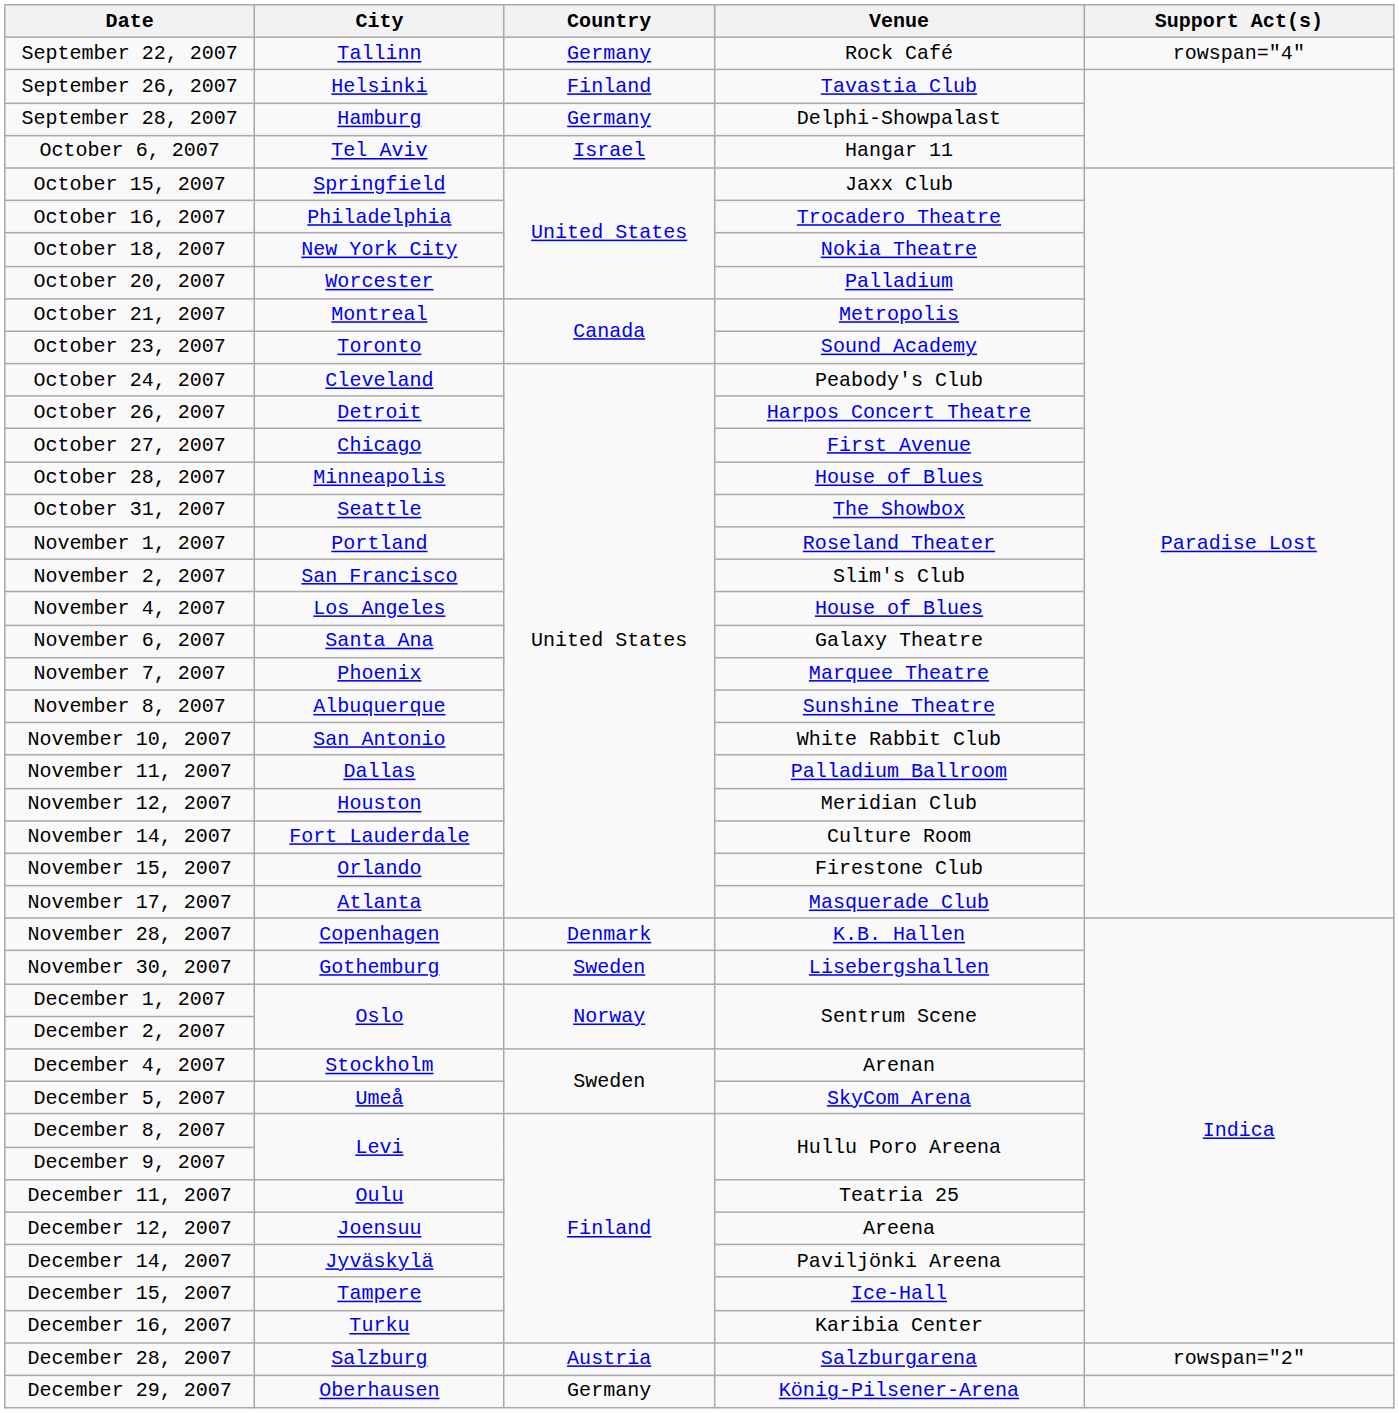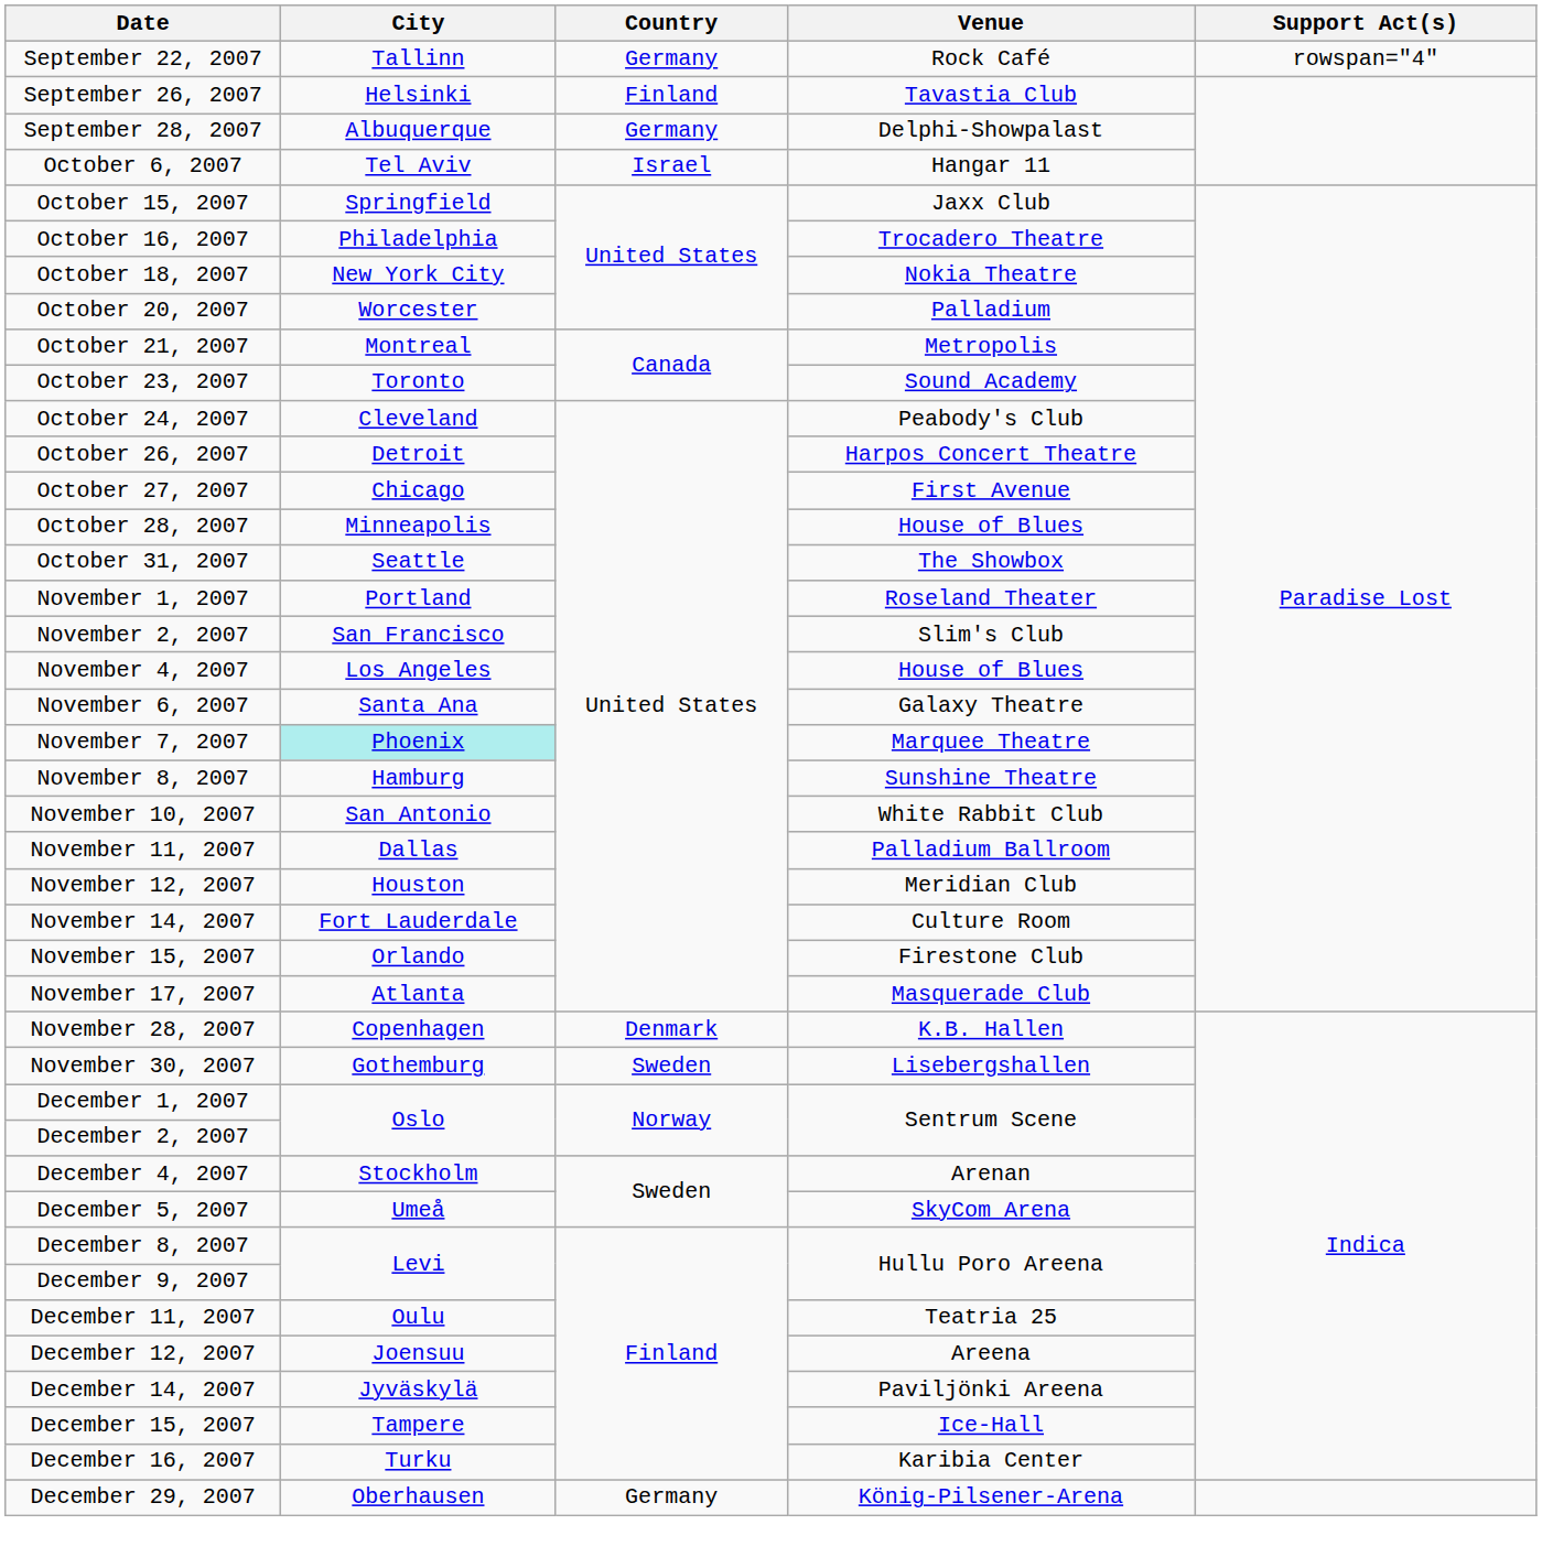 <table class="wikitable plainrowheaders" style="text-align:center;">
 <tr>
 <th scope="col" style="width:12em;">Date</th>
 <th scope="col" style="width:12em;">City</th>
 <th scope="col" style="width:10em;">Country</th>
 <th scope="col" style="width:18em;">Venue</th>
 <th scope="col" style="width:15em;">Support Act(s)</th>
 </tr>
 <tr>
 <td>September 22, 2007</td>
 <td><a href='#'>Tallinn</a></td>
 <td><a href='#'>Germany</a></td>
 <td>Rock Café</td>
 <td>rowspan="4" </td>
 </tr>
 <tr>
 <td>September 26, 2007</td>
 <td><a href='#'>Helsinki</a></td>
 <td><a href='#'>Finland</a></td>
 <td><a href='#'>Tavastia Club</a></td>
 </tr>
 <tr>
 <td>September 28, 2007</td>
-<td><a href='#'>Hamburg</a></td>
+<td><a href='#'>Albuquerque</a></td>
 <td><a href='#'>Germany</a></td>
 <td>Delphi-Showpalast</td>
 </tr>
 <tr>
 <td>October 6, 2007</td>
 <td><a href='#'>Tel Aviv</a></td>
 <td><a href='#'>Israel</a></td>
 <td>Hangar 11</td>
 </tr>
 <tr>
 <td>October 15, 2007</td>
 <td><a href='#'>Springfield</a></td>
 <td rowspan="4"><a href='#'>United States</a></td>
 <td>Jaxx Club</td>
 <td rowspan="23"><a href='#'>Paradise Lost</a></td>
 </tr>
 <tr>
 <td>October 16, 2007</td>
 <td><a href='#'>Philadelphia</a></td>
 <td><a href='#'>Trocadero Theatre</a></td>
 </tr>
 <tr>
 <td>October 18, 2007</td>
 <td><a href='#'>New York City</a></td>
 <td><a href='#'>Nokia Theatre</a></td>
 </tr>
 <tr>
 <td>October 20, 2007</td>
 <td><a href='#'>Worcester</a></td>
 <td><a href='#'>Palladium</a></td>
 </tr>
 <tr>
 <td>October 21, 2007</td>
 <td><a href='#'>Montreal</a></td>
 <td rowspan="2"><a href='#'>Canada</a></td>
 <td><a href='#'>Metropolis</a></td>
 </tr>
 <tr>
 <td>October 23, 2007</td>
 <td><a href='#'>Toronto</a></td>
 <td><a href='#'>Sound Academy</a></td>
 </tr>
 <tr>
 <td>October 24, 2007</td>
 <td><a href='#'>Cleveland</a></td>
 <td rowspan="17">United States</td>
 <td>Peabody's Club</td>
 </tr>
 <tr>
 <td>October 26, 2007</td>
 <td><a href='#'>Detroit</a></td>
 <td><a href='#'>Harpos Concert Theatre</a></td>
 </tr>
 <tr>
 <td>October 27, 2007</td>
 <td><a href='#'>Chicago</a></td>
 <td><a href='#'>First Avenue</a></td>
 </tr>
 <tr>
 <td>October 28, 2007</td>
 <td><a href='#'>Minneapolis</a></td>
 <td><a href='#'>House of Blues</a></td>
 </tr>
 <tr>
 <td>October 31, 2007</td>
 <td><a href='#'>Seattle</a></td>
 <td><a href='#'>The Showbox</a></td>
 </tr>
 <tr>
 <td>November 1, 2007</td>
 <td><a href='#'>Portland</a></td>
 <td><a href='#'>Roseland Theater</a></td>
 </tr>
 <tr>
 <td>November 2, 2007</td>
 <td><a href='#'>San Francisco</a></td>
 <td>Slim's Club</td>
 </tr>
 <tr>
 <td>November 4, 2007</td>
 <td><a href='#'>Los Angeles</a></td>
 <td><a href='#'>House of Blues</a></td>
 </tr>
 <tr>
 <td>November 6, 2007</td>
 <td><a href='#'>Santa Ana</a></td>
 <td>Galaxy Theatre</td>
 </tr>
 <tr>
 <td>November 7, 2007</td>
-<td><a href='#'>Phoenix</a></td>
+<td style="background: paleturquoise;"><a href='#'>Phoenix</a></td>
 <td><a href='#'>Marquee Theatre</a></td>
 </tr>
 <tr>
 <td>November 8, 2007</td>
-<td><a href='#'>Albuquerque</a></td>
+<td><a href='#'>Hamburg</a></td>
 <td><a href='#'>Sunshine Theatre</a></td>
 </tr>
 <tr>
 <td>November 10, 2007</td>
 <td><a href='#'>San Antonio</a></td>
 <td>White Rabbit Club</td>
 </tr>
 <tr>
 <td>November 11, 2007</td>
 <td><a href='#'>Dallas</a></td>
 <td><a href='#'>Palladium Ballroom</a></td>
 </tr>
 <tr>
 <td>November 12, 2007</td>
 <td><a href='#'>Houston</a></td>
 <td>Meridian Club</td>
 </tr>
 <tr>
 <td>November 14, 2007</td>
 <td><a href='#'>Fort Lauderdale</a></td>
 <td>Culture Room</td>
 </tr>
 <tr>
 <td>November 15, 2007</td>
 <td><a href='#'>Orlando</a></td>
 <td>Firestone Club</td>
 </tr>
 <tr>
 <td>November 17, 2007</td>
 <td><a href='#'>Atlanta</a></td>
 <td><a href='#'>Masquerade Club</a></td>
 </tr>
 <tr>
 <td>November 28, 2007</td>
 <td><a href='#'>Copenhagen</a></td>
 <td><a href='#'>Denmark</a></td>
 <td><a href='#'>K.B. Hallen</a></td>
 <td rowspan="13"><a href='#'>Indica</a></td>
 </tr>
 <tr>
 <td>November 30, 2007</td>
 <td><a href='#'>Gothemburg</a></td>
 <td><a href='#'>Sweden</a></td>
 <td><a href='#'>Lisebergshallen</a></td>
 </tr>
 <tr>
 <td>December 1, 2007</td>
 <td rowspan="2"><a href='#'>Oslo</a></td>
 <td rowspan="2"><a href='#'>Norway</a></td>
 <td rowspan="2">Sentrum Scene</td>
 </tr>
 <tr>
 <td>December 2, 2007</td>
 </tr>
 <tr>
 <td>December 4, 2007</td>
 <td><a href='#'>Stockholm</a></td>
 <td rowspan="2">Sweden</td>
 <td>Arenan</td>
 </tr>
 <tr>
 <td>December 5, 2007</td>
 <td><a href='#'>Umeå</a></td>
 <td><a href='#'>SkyCom Arena</a></td>
 </tr>
 <tr>
 <td>December 8, 2007</td>
 <td rowspan="2"><a href='#'>Levi</a></td>
 <td rowspan="7"><a href='#'>Finland</a></td>
 <td rowspan="2">Hullu Poro Areena</td>
 </tr>
 <tr>
 <td>December 9, 2007</td>
 </tr>
 <tr>
 <td>December 11, 2007</td>
 <td><a href='#'>Oulu</a></td>
 <td>Teatria 25</td>
 </tr>
 <tr>
 <td>December 12, 2007</td>
 <td><a href='#'>Joensuu</a></td>
 <td>Areena</td>
 </tr>
 <tr>
 <td>December 14, 2007</td>
 <td><a href='#'>Jyväskylä</a></td>
 <td>Paviljönki Areena</td>
 </tr>
 <tr>
 <td>December 15, 2007</td>
 <td><a href='#'>Tampere</a></td>
 <td><a href='#'>Ice-Hall</a></td>
 </tr>
 <tr>
 <td>December 16, 2007</td>
 <td><a href='#'>Turku</a></td>
 <td>Karibia Center</td>
 </tr>
 <tr>
-<td>December 28, 2007</td>
-<td><a href='#'>Salzburg</a></td>
-<td><a href='#'>Austria</a></td>
-<td><a href='#'>Salzburgarena</a></td>
-<td>rowspan="2" </td>
-</tr>
-<tr>
 <td>December 29, 2007</td>
 <td><a href='#'>Oberhausen</a></td>
 <td>Germany</td>
 <td><a href='#'>König-Pilsener-Arena</a></td>
 </tr>
 </table>
